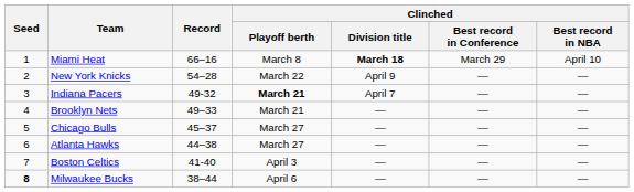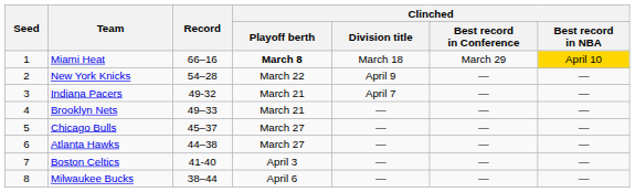 <table class=wikitable style="font-size:95%; text-align:center;" width=70%>
 <tr>
 <th rowspan=2>Seed</th>
 <th rowspan=2>Team</th>
 <th rowspan=2>Record</th>
 <th colspan=4>Clinched</th>
 </tr>
 <tr>
 <th>Playoff berth</th>
 <th>Division title</th>
 <th>Best record<br> in Conference</th>
 <th>Best record<br> in NBA</th>
 </tr>
 <tr>
 <td>1</td>
 <td align=left><a href='#'>Miami Heat</a></td>
 <td>66–16</td>
-<td>March 8</td>
-<td><strong>March 18</strong></td>
+<td><strong>March 8</strong></td>
+<td>March 18</td>
 <td>March 29</td>
-<td>April 10</td>
+<td style="background: gold;">April 10</td>
 </tr>
 <tr>
 <td>2</td>
 <td align=left><a href='#'>New York Knicks</a></td>
 <td>54–28</td>
 <td>March 22</td>
 <td>April 9</td>
 <td>—</td>
 <td>—</td>
 </tr>
 <tr>
 <td>3</td>
 <td align=left><a href='#'>Indiana Pacers</a></td>
 <td>49-32 </td>
-<td><strong>March 21</strong></td>
+<td>March 21</td>
 <td>April 7</td>
 <td>—</td>
 <td>—</td>
 </tr>
 <tr>
 <td>4</td>
 <td align=left><a href='#'>Brooklyn Nets</a></td>
 <td>49–33</td>
 <td>March 21</td>
 <td>—</td>
 <td>—</td>
 <td>—</td>
 </tr>
 <tr>
 <td>5</td>
 <td align=left><a href='#'>Chicago Bulls</a></td>
 <td>45–37</td>
 <td>March 27</td>
 <td>—</td>
 <td>—</td>
 <td>—</td>
 </tr>
 <tr>
 <td>6</td>
 <td align=left><a href='#'>Atlanta Hawks</a></td>
 <td>44–38</td>
 <td>March 27</td>
 <td>—</td>
 <td>—</td>
 <td>—</td>
 </tr>
 <tr>
 <td>7</td>
 <td align=left><a href='#'>Boston Celtics</a></td>
 <td>41-40</td>
 <td>April 3</td>
 <td>—</td>
 <td>—</td>
 <td>—</td>
 </tr>
 <tr>
-<td><strong>8</strong></td>
+<td>8</td>
 <td align=left><a href='#'>Milwaukee Bucks</a></td>
 <td>38–44</td>
 <td>April 6</td>
 <td>—</td>
 <td>—</td>
 <td>—</td>
 </tr>
 </table>
